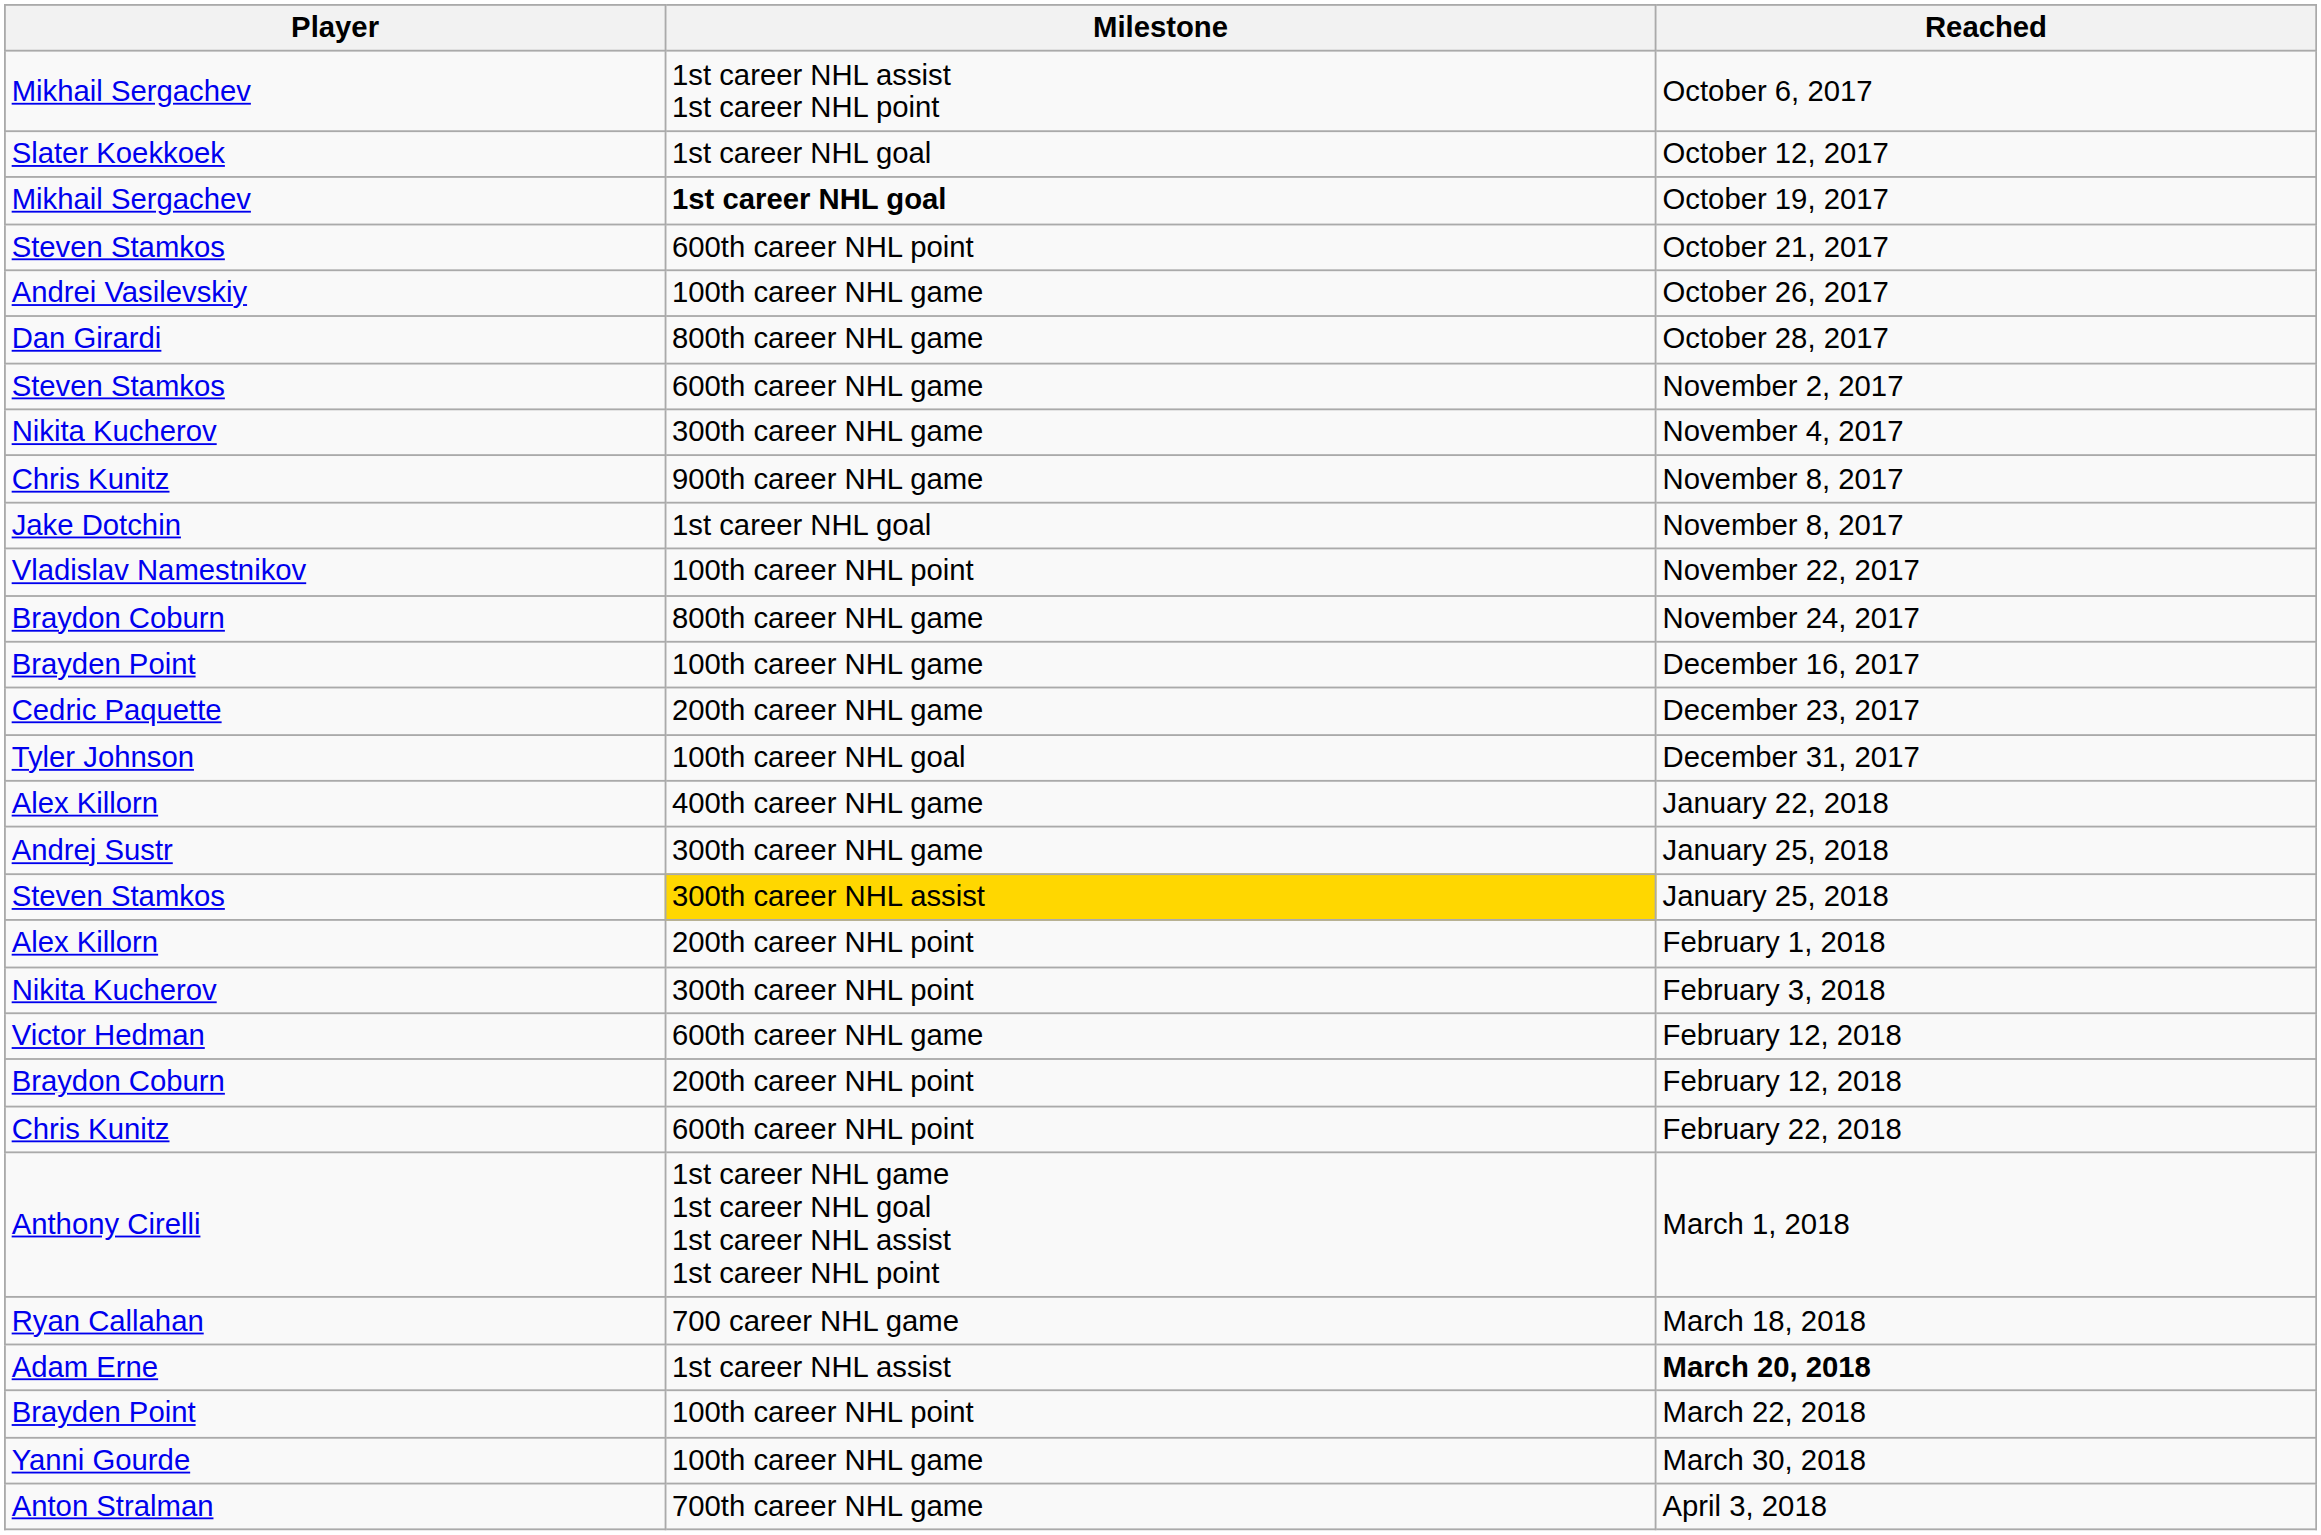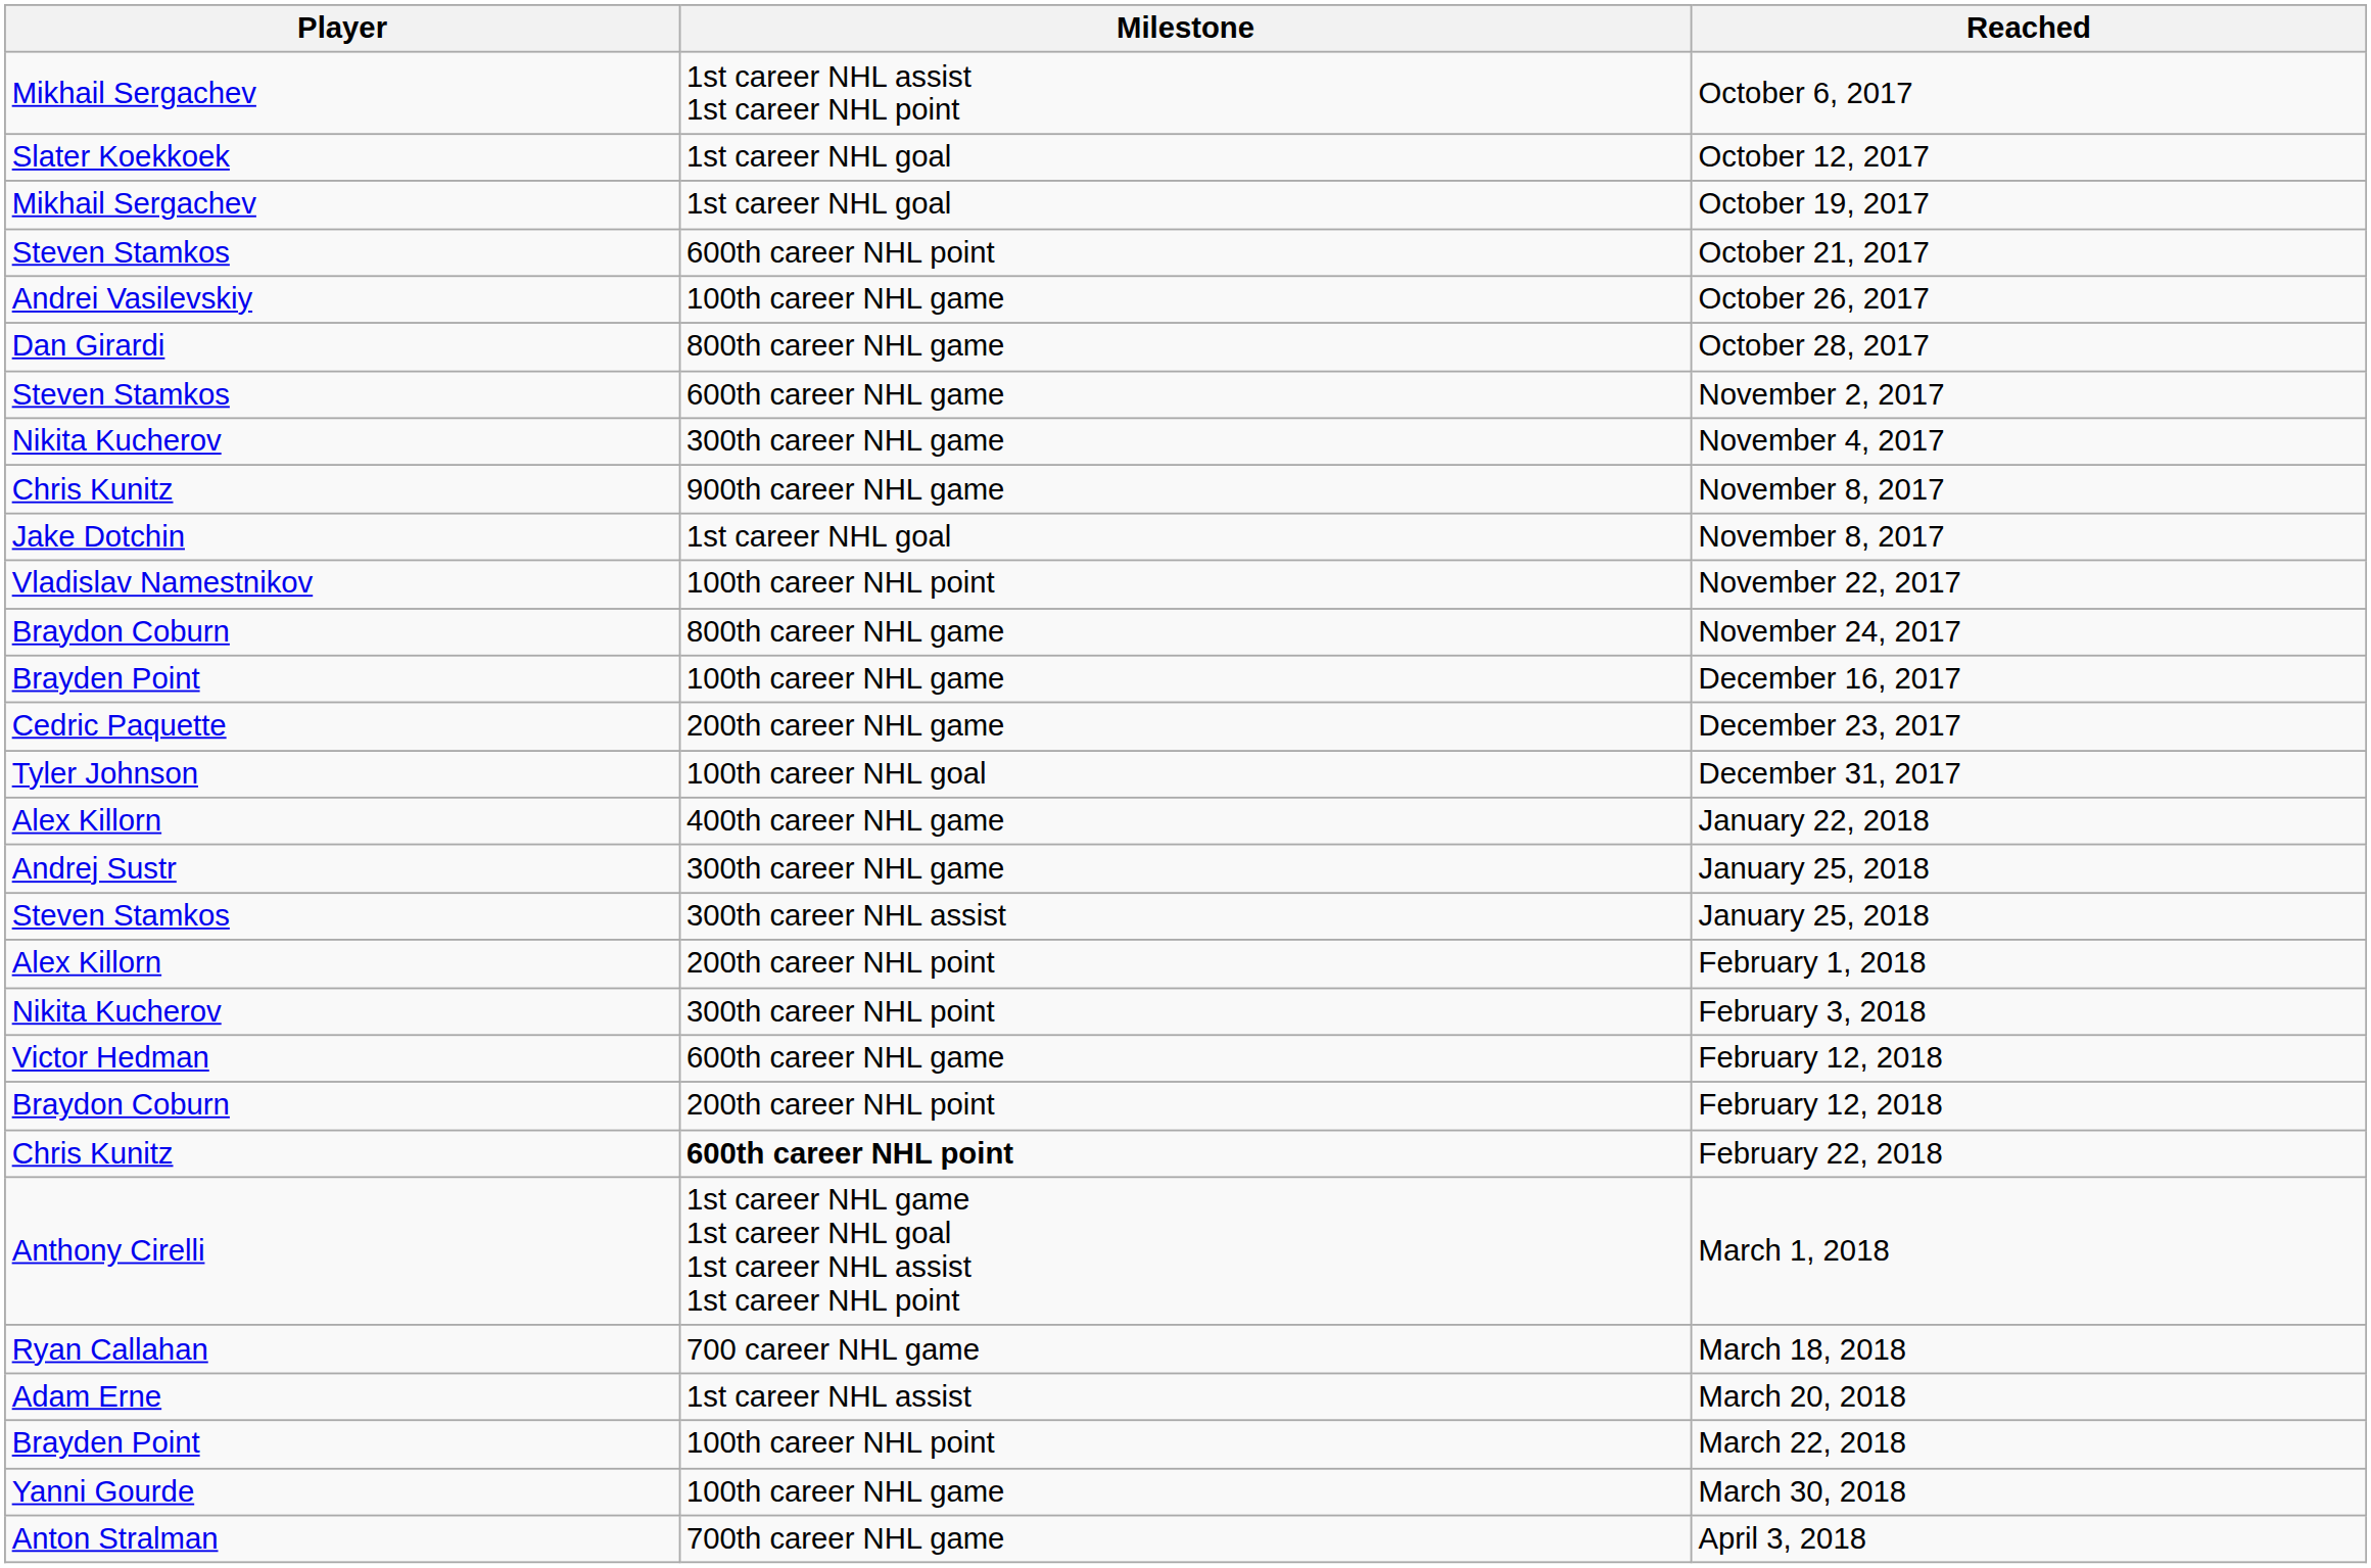 <table class="wikitable sortable" style="width:100%;">
 <tr align=center>
 <th style="width:20%;">Player</th>
 <th style="width:30%;">Milestone</th>
 <th style="width:20%;" data-sort-type="date">Reached</th>
 </tr>
 <tr>
 <td><a href='#'>Mikhail Sergachev</a></td>
 <td>1st career NHL assist<br>1st career NHL point</td>
 <td>October 6, 2017</td>
 </tr>
 <tr>
 <td><a href='#'>Slater Koekkoek</a></td>
 <td>1st career NHL goal</td>
 <td>October 12, 2017</td>
 </tr>
 <tr>
 <td><a href='#'>Mikhail Sergachev</a></td>
-<td><strong>1st career NHL goal</strong></td>
+<td>1st career NHL goal</td>
 <td>October 19, 2017</td>
 </tr>
 <tr>
 <td><a href='#'>Steven Stamkos</a></td>
 <td>600th career NHL point</td>
 <td>October 21, 2017</td>
 </tr>
 <tr>
 <td><a href='#'>Andrei Vasilevskiy</a></td>
 <td>100th career NHL game</td>
 <td>October 26, 2017</td>
 </tr>
 <tr>
 <td><a href='#'>Dan Girardi</a></td>
 <td>800th career NHL game</td>
 <td>October 28, 2017</td>
 </tr>
 <tr>
 <td><a href='#'>Steven Stamkos</a></td>
 <td>600th career NHL game</td>
 <td>November 2, 2017</td>
 </tr>
 <tr>
 <td><a href='#'>Nikita Kucherov</a></td>
 <td>300th career NHL game</td>
 <td>November 4, 2017</td>
 </tr>
 <tr>
 <td><a href='#'>Chris Kunitz</a></td>
 <td>900th career NHL game</td>
 <td>November 8, 2017</td>
 </tr>
 <tr>
 <td><a href='#'>Jake Dotchin</a></td>
 <td>1st career NHL goal</td>
 <td>November 8, 2017</td>
 </tr>
 <tr>
 <td><a href='#'>Vladislav Namestnikov</a></td>
 <td>100th career NHL point</td>
 <td>November 22, 2017</td>
 </tr>
 <tr>
 <td><a href='#'>Braydon Coburn</a></td>
 <td>800th career NHL game</td>
 <td>November 24, 2017</td>
 </tr>
 <tr>
 <td><a href='#'>Brayden Point</a></td>
 <td>100th career NHL game</td>
 <td>December 16, 2017</td>
 </tr>
 <tr>
 <td><a href='#'>Cedric Paquette</a></td>
 <td>200th career NHL game</td>
 <td>December 23, 2017</td>
 </tr>
 <tr>
 <td><a href='#'>Tyler Johnson</a></td>
 <td>100th career NHL goal</td>
 <td>December 31, 2017</td>
 </tr>
 <tr>
 <td><a href='#'>Alex Killorn</a></td>
 <td>400th career NHL game</td>
 <td>January 22, 2018</td>
 </tr>
 <tr>
 <td><a href='#'>Andrej Sustr</a></td>
 <td>300th career NHL game</td>
 <td>January 25, 2018</td>
 </tr>
 <tr>
 <td><a href='#'>Steven Stamkos</a></td>
-<td style="background: gold;">300th career NHL assist</td>
+<td>300th career NHL assist</td>
 <td>January 25, 2018</td>
 </tr>
 <tr>
 <td><a href='#'>Alex Killorn</a></td>
 <td>200th career NHL point</td>
 <td>February 1, 2018</td>
 </tr>
 <tr>
 <td><a href='#'>Nikita Kucherov</a></td>
 <td>300th career NHL point</td>
 <td>February 3, 2018</td>
 </tr>
 <tr>
 <td><a href='#'>Victor Hedman</a></td>
 <td>600th career NHL game</td>
 <td>February 12, 2018</td>
 </tr>
 <tr>
 <td><a href='#'>Braydon Coburn</a></td>
 <td>200th career NHL point</td>
 <td>February 12, 2018</td>
 </tr>
 <tr>
 <td><a href='#'>Chris Kunitz</a></td>
-<td>600th career NHL point</td>
+<td><strong>600th career NHL point</strong></td>
 <td>February 22, 2018</td>
 </tr>
 <tr>
 <td><a href='#'>Anthony Cirelli</a></td>
 <td>1st career NHL game<br>1st career NHL goal<br>1st career NHL assist<br>1st career NHL point</td>
 <td>March 1, 2018</td>
 </tr>
 <tr>
 <td><a href='#'>Ryan Callahan</a></td>
 <td>700 career NHL game</td>
 <td>March 18, 2018</td>
 </tr>
 <tr>
 <td><a href='#'>Adam Erne</a></td>
 <td>1st career NHL assist</td>
-<td><strong>March 20, 2018</strong></td>
+<td>March 20, 2018</td>
 </tr>
 <tr>
 <td><a href='#'>Brayden Point</a></td>
 <td>100th career NHL point</td>
 <td>March 22, 2018</td>
 </tr>
 <tr>
 <td><a href='#'>Yanni Gourde</a></td>
 <td>100th career NHL game</td>
 <td>March 30, 2018</td>
 </tr>
 <tr>
 <td><a href='#'>Anton Stralman</a></td>
 <td>700th career NHL game</td>
 <td>April 3, 2018</td>
 </tr>
 </table>
